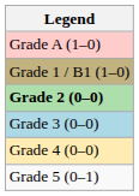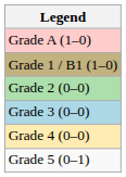 <table class="wikitable" style="font-size:85%;">
 <tr>
 <th>Legend</th>
 </tr>
 <tr bgcolor="ffcccc">
 <td>Grade A (1–0)</td>
 </tr>
 <tr bgcolor="C2B280">
 <td>Grade 1 / B1 (1–0)</td>
 </tr>
 <tr bgcolor="ADDFAD">
-<td><strong>Grade 2 (0–0)</strong></td>
+<td>Grade 2 (0–0)</td>
 </tr>
 <tr bgcolor="lightblue">
 <td>Grade 3 (0–0)</td>
 </tr>
 <tr bgcolor="ffecb2">
 <td>Grade 4 (0–0)</td>
 </tr>
 <tr>
 <td>Grade 5 (0–1)</td>
 </tr>
 </table>
